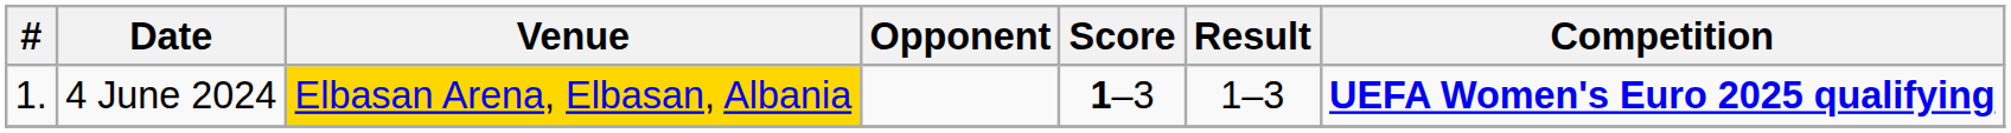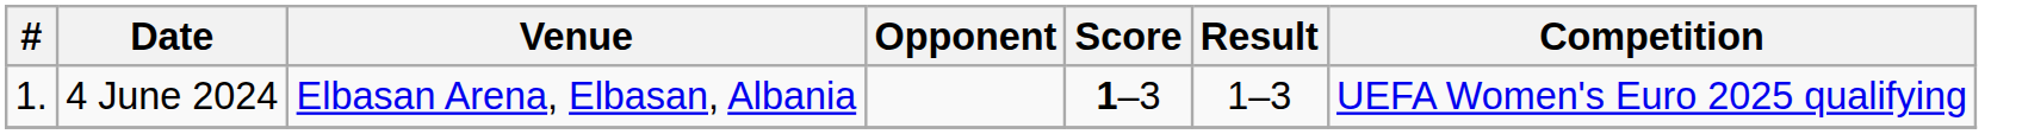 <table class="wikitable" style="font-size:85%;">
 <tr>
 <th>#</th>
 <th>Date</th>
 <th>Venue</th>
 <th>Opponent</th>
 <th>Score</th>
 <th>Result</th>
 <th>Competition</th>
 </tr>
 <tr>
 <td>1.</td>
 <td>4 June 2024</td>
-<td style="background: gold;"><a href='#'>Elbasan Arena</a>, <a href='#'>Elbasan</a>, <a href='#'>Albania</a></td>
+<td><a href='#'>Elbasan Arena</a>, <a href='#'>Elbasan</a>, <a href='#'>Albania</a></td>
 <td></td>
 <td align=center><strong>1</strong>–3</td>
 <td align=center>1–3</td>
-<td><strong><a href='#'>UEFA Women's Euro 2025 qualifying</a></strong></td>
+<td><a href='#'>UEFA Women's Euro 2025 qualifying</a></td>
 </tr>
 <tr>
 </tr>
 </table>
